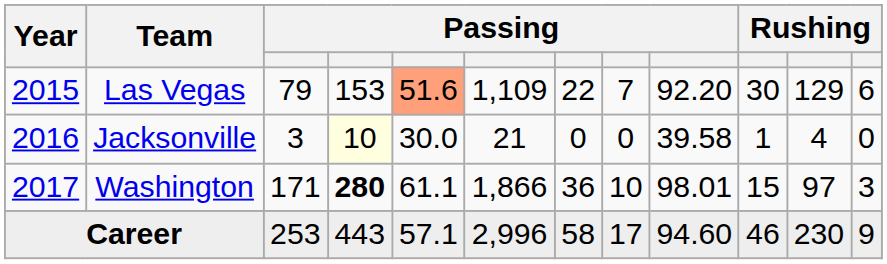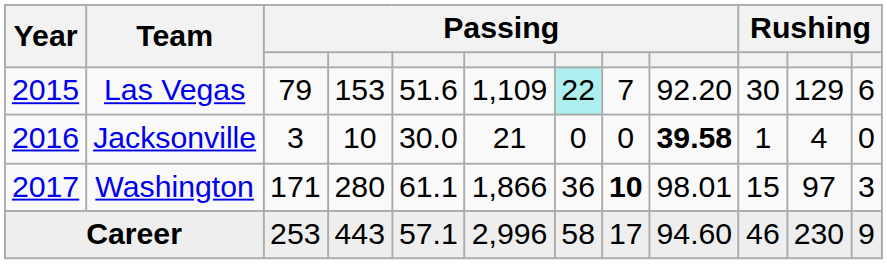 <table class="wikitable sortable" style="text-align:center">
 <tr>
 <th rowspan=2>Year</th>
 <th rowspan=2>Team</th>
 <th colspan=7>Passing</th>
 <th colspan=3>Rushing</th>
 </tr>
 <tr>
 <th></th>
 <th></th>
 <th></th>
 <th></th>
 <th></th>
 <th></th>
 <th></th>
 <th></th>
 <th></th>
 <th></th>
 </tr>
 <tr>
 <td><a href='#'>2015</a></td>
 <td><a href='#'>Las Vegas</a></td>
 <td>79</td>
 <td>153</td>
-<td style="background: lightsalmon;">51.6</td>
+<td>51.6</td>
 <td>1,109</td>
-<td>22</td>
+<td style="background: paleturquoise;">22</td>
 <td>7</td>
 <td>92.20</td>
 <td>30</td>
 <td>129</td>
 <td>6</td>
 </tr>
 <tr>
 <td><a href='#'>2016</a></td>
 <td><a href='#'>Jacksonville</a></td>
 <td>3</td>
-<td style="background: lightyellow;">10</td>
+<td>10</td>
 <td>30.0</td>
 <td>21</td>
 <td>0</td>
 <td>0</td>
-<td>39.58</td>
+<td><strong>39.58</strong></td>
 <td>1</td>
 <td>4</td>
 <td>0</td>
 </tr>
 <tr>
 <td><a href='#'>2017</a></td>
 <td><a href='#'>Washington</a></td>
 <td>171</td>
-<td><strong>280</strong></td>
+<td>280</td>
 <td>61.1</td>
 <td>1,866</td>
 <td>36</td>
-<td>10</td>
+<td><strong>10</strong></td>
 <td>98.01</td>
 <td>15</td>
 <td>97</td>
 <td>3</td>
 </tr>
 <tr class="sortbottom" style="background:#eee;">
 <td colspan=2><strong>Career</strong></td>
 <td>253</td>
 <td>443</td>
 <td>57.1</td>
 <td>2,996</td>
 <td>58</td>
 <td>17</td>
 <td>94.60</td>
 <td>46</td>
 <td>230</td>
 <td>9</td>
 </tr>
 </table>
